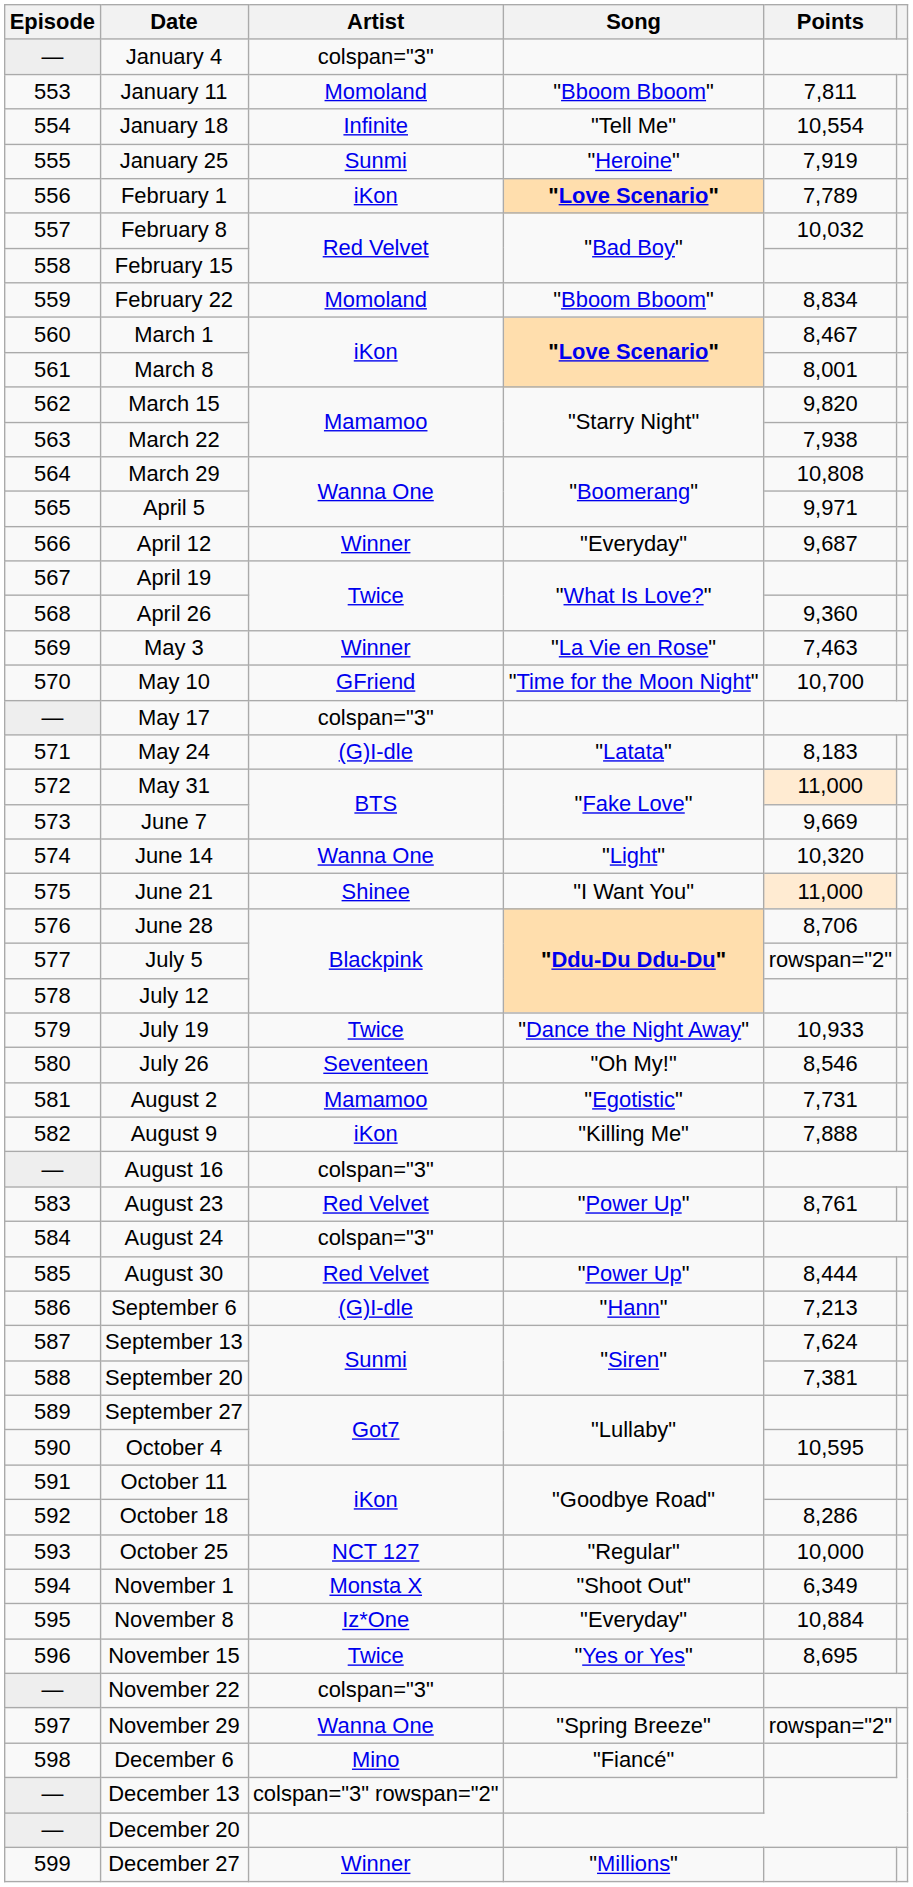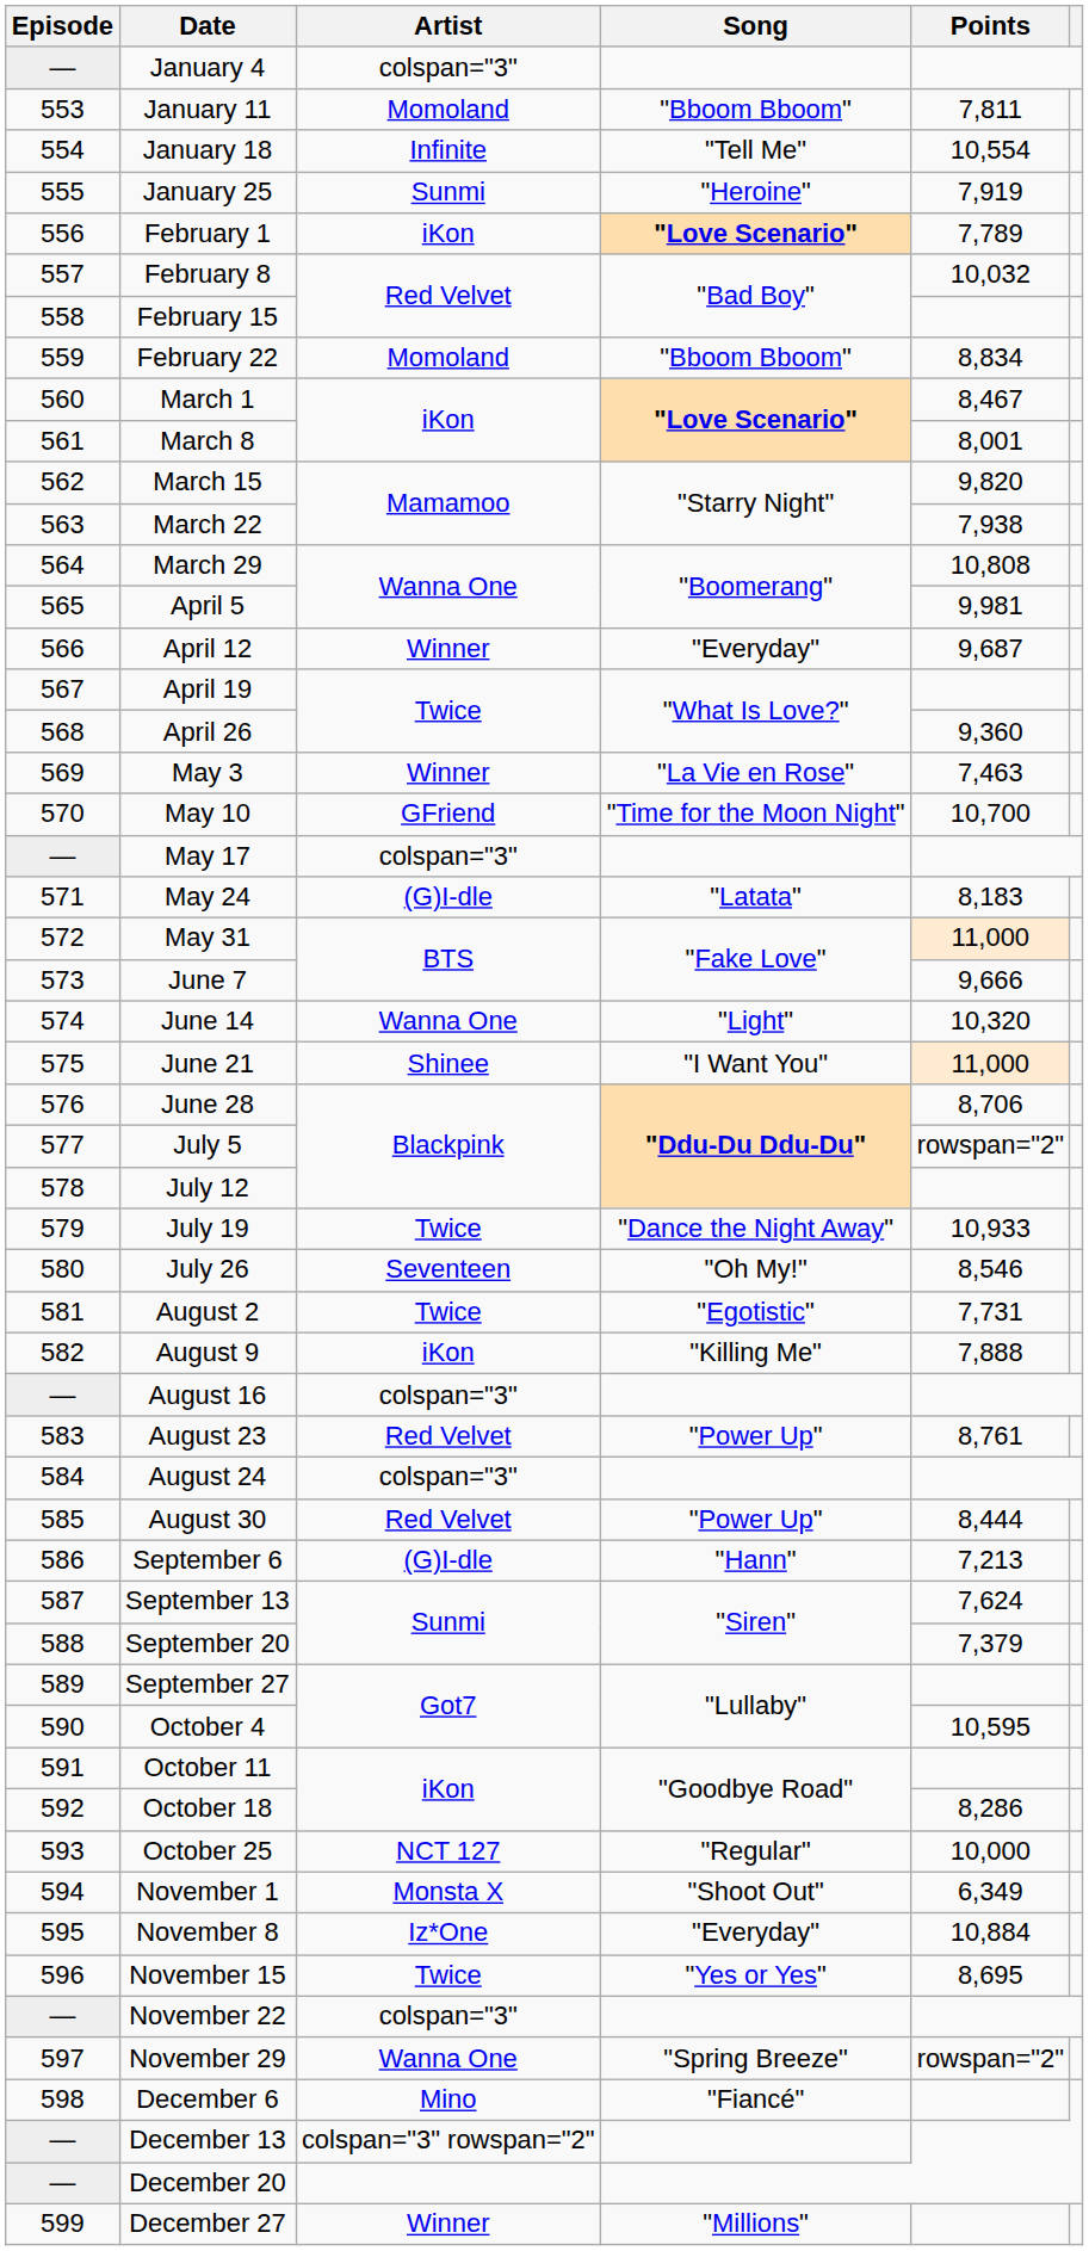 <table class="wikitable sortable" style=text-align:center>
 <tr>
 <th>Episode</th>
 <th>Date</th>
 <th>Artist</th>
 <th>Song</th>
 <th>Points</th>
 <th class="unsortable"></th>
 </tr>
 <tr>
 <td align="center" style="background:#eee">—</td>
 <td>January 4</td>
 <td>colspan="3" </td>
 <td></td>
 </tr>
 <tr>
 <td>553</td>
 <td>January 11</td>
 <td><a href='#'>Momoland</a></td>
 <td>"<a href='#'>Bboom Bboom</a>"</td>
 <td>7,811</td>
 <td></td>
 </tr>
 <tr>
 <td>554</td>
 <td>January 18</td>
 <td><a href='#'>Infinite</a></td>
 <td>"Tell Me"</td>
 <td>10,554</td>
 <td></td>
 </tr>
 <tr>
 <td>555</td>
 <td>January 25</td>
 <td><a href='#'>Sunmi</a></td>
 <td>"<a href='#'>Heroine</a>"</td>
 <td>7,919</td>
 <td></td>
 </tr>
 <tr>
 <td>556</td>
 <td>February 1</td>
 <td><a href='#'>iKon</a></td>
 <td style="font-weight: bold; background: navajowhite;">"<a href='#'>Love Scenario</a>"</td>
 <td>7,789</td>
 <td></td>
 </tr>
 <tr>
 <td>557</td>
 <td>February 8</td>
 <td rowspan="2"><a href='#'>Red Velvet</a></td>
 <td rowspan="2">"<a href='#'>Bad Boy</a>"</td>
 <td>10,032</td>
 <td></td>
 </tr>
 <tr>
 <td>558</td>
 <td>February 15</td>
 <td></td>
 <td></td>
 </tr>
 <tr>
 <td>559</td>
 <td>February 22</td>
 <td><a href='#'>Momoland</a></td>
 <td>"<a href='#'>Bboom Bboom</a>"</td>
 <td>8,834</td>
 <td></td>
 </tr>
 <tr>
 <td>560</td>
 <td>March 1</td>
 <td rowspan="2"><a href='#'>iKon</a></td>
 <td rowspan="2" style="font-weight: bold; background: navajowhite;">"<a href='#'>Love Scenario</a>"</td>
 <td>8,467</td>
 <td></td>
 </tr>
 <tr>
 <td>561</td>
 <td>March 8</td>
 <td>8,001</td>
 <td></td>
 </tr>
 <tr>
 <td>562</td>
 <td>March 15</td>
 <td rowspan="2"><a href='#'>Mamamoo</a></td>
 <td rowspan="2">"Starry Night"</td>
 <td>9,820</td>
 <td></td>
 </tr>
 <tr>
 <td>563</td>
 <td>March 22</td>
 <td>7,938</td>
 <td></td>
 </tr>
 <tr>
 <td>564</td>
 <td>March 29</td>
 <td rowspan="2"><a href='#'>Wanna One</a></td>
 <td rowspan="2">"<a href='#'>Boomerang</a>"</td>
 <td>10,808</td>
 <td></td>
 </tr>
 <tr>
 <td>565</td>
 <td>April 5</td>
-<td>9,971</td>
+<td>9,981</td>
 <td></td>
 </tr>
 <tr>
 <td>566</td>
 <td>April 12</td>
 <td><a href='#'>Winner</a></td>
 <td>"Everyday"</td>
 <td>9,687</td>
 <td></td>
 </tr>
 <tr>
 <td>567</td>
 <td>April 19</td>
 <td rowspan="2"><a href='#'>Twice</a></td>
 <td rowspan="2">"<a href='#'>What Is Love?</a>"</td>
 <td></td>
 <td></td>
 </tr>
 <tr>
 <td>568</td>
 <td>April 26</td>
 <td>9,360</td>
 <td></td>
 </tr>
 <tr>
 <td>569</td>
 <td>May 3</td>
 <td><a href='#'>Winner</a></td>
 <td>"<a href='#'>La Vie en Rose</a>"</td>
 <td>7,463</td>
 <td></td>
 </tr>
 <tr>
 <td>570</td>
 <td>May 10</td>
 <td><a href='#'>GFriend</a></td>
 <td>"<a href='#'>Time for the Moon Night</a>"</td>
 <td>10,700</td>
 <td></td>
 </tr>
 <tr>
 <td style="background:#eee">—</td>
 <td>May 17</td>
 <td>colspan="3" </td>
 <td></td>
 </tr>
 <tr>
 <td>571</td>
 <td>May 24</td>
 <td><a href='#'>(G)I-dle</a></td>
 <td>"<a href='#'>Latata</a>"</td>
 <td>8,183</td>
 <td></td>
 </tr>
 <tr>
 <td>572</td>
 <td>May 31</td>
 <td rowspan="2"><a href='#'>BTS</a></td>
 <td rowspan="2">"<a href='#'>Fake Love</a>"</td>
 <td style="background: #ffebd2">11,000</td>
 <td></td>
 </tr>
 <tr>
 <td>573</td>
 <td>June 7</td>
-<td>9,669</td>
+<td>9,666</td>
 <td></td>
 </tr>
 <tr>
 <td>574</td>
 <td>June 14</td>
 <td><a href='#'>Wanna One</a></td>
 <td>"<a href='#'>Light</a>"</td>
 <td>10,320</td>
 <td></td>
 </tr>
 <tr>
 <td>575</td>
 <td>June 21</td>
 <td><a href='#'>Shinee</a></td>
 <td>"I Want You"</td>
 <td style="background: #ffebd2">11,000</td>
 <td></td>
 </tr>
 <tr>
 <td>576</td>
 <td>June 28</td>
 <td rowspan="3"><a href='#'>Blackpink</a></td>
 <td rowspan="3" style="font-weight: bold; background: navajowhite;">"<a href='#'>Ddu-Du Ddu-Du</a>"</td>
 <td>8,706</td>
 <td></td>
 </tr>
 <tr>
 <td>577</td>
 <td>July 5</td>
 <td>rowspan="2" </td>
 <td></td>
 </tr>
 <tr>
 <td>578</td>
 <td>July 12</td>
 <td></td>
 </tr>
 <tr>
 <td>579</td>
 <td>July 19</td>
 <td><a href='#'>Twice</a></td>
 <td>"<a href='#'>Dance the Night Away</a>"</td>
 <td>10,933</td>
 <td></td>
 </tr>
 <tr>
 <td>580</td>
 <td>July 26</td>
 <td><a href='#'>Seventeen</a></td>
 <td>"Oh My!"</td>
 <td>8,546</td>
 <td></td>
 </tr>
 <tr>
 <td>581</td>
 <td>August 2</td>
-<td><a href='#'>Mamamoo</a></td>
+<td><a href='#'>Twice</a></td>
 <td>"<a href='#'>Egotistic</a>"</td>
 <td>7,731</td>
 <td></td>
 </tr>
 <tr>
 <td>582</td>
 <td>August 9</td>
 <td><a href='#'>iKon</a></td>
 <td>"Killing Me"</td>
 <td>7,888</td>
 <td></td>
 </tr>
 <tr>
 <td style="background:#eee;">—</td>
 <td>August 16</td>
 <td>colspan="3" </td>
 <td></td>
 </tr>
 <tr>
 <td>583</td>
 <td>August 23</td>
 <td><a href='#'>Red Velvet</a></td>
 <td>"<a href='#'>Power Up</a>"</td>
 <td>8,761</td>
 <td></td>
 </tr>
 <tr>
 <td>584</td>
 <td>August 24</td>
 <td>colspan="3" </td>
 <td></td>
 </tr>
 <tr>
 <td>585</td>
 <td>August 30</td>
 <td><a href='#'>Red Velvet</a></td>
 <td>"<a href='#'>Power Up</a>"</td>
 <td>8,444</td>
 <td></td>
 </tr>
 <tr>
 <td>586</td>
 <td>September 6</td>
 <td><a href='#'>(G)I-dle</a></td>
 <td>"<a href='#'>Hann</a>"</td>
 <td>7,213</td>
 <td></td>
 </tr>
 <tr>
 <td>587</td>
 <td>September 13</td>
 <td rowspan="2"><a href='#'>Sunmi</a></td>
 <td rowspan="2">"<a href='#'>Siren</a>"</td>
 <td>7,624</td>
 <td></td>
 </tr>
 <tr>
 <td>588</td>
 <td>September 20</td>
-<td>7,381</td>
+<td>7,379</td>
 <td></td>
 </tr>
 <tr>
 <td>589</td>
 <td>September 27</td>
 <td rowspan="2"><a href='#'>Got7</a></td>
 <td rowspan="2">"Lullaby"</td>
 <td></td>
 <td></td>
 </tr>
 <tr>
 <td>590</td>
 <td>October 4</td>
 <td>10,595</td>
 <td></td>
 </tr>
 <tr>
 <td>591</td>
 <td>October 11</td>
 <td rowspan="2"><a href='#'>iKon</a></td>
 <td rowspan="2">"Goodbye Road"</td>
 <td></td>
 <td></td>
 </tr>
 <tr>
 <td>592</td>
 <td>October 18</td>
 <td>8,286</td>
 <td></td>
 </tr>
 <tr>
 <td>593</td>
 <td>October 25</td>
 <td><a href='#'>NCT 127</a></td>
 <td>"Regular"</td>
 <td>10,000</td>
 <td></td>
 </tr>
 <tr>
 <td>594</td>
 <td>November 1</td>
 <td><a href='#'>Monsta X</a></td>
 <td>"Shoot Out"</td>
 <td>6,349</td>
 <td></td>
 </tr>
 <tr>
 <td>595</td>
 <td>November 8</td>
 <td><a href='#'>Iz*One</a></td>
 <td>"Everyday"</td>
 <td>10,884</td>
 <td></td>
 </tr>
 <tr>
 <td>596</td>
 <td>November 15</td>
 <td><a href='#'>Twice</a></td>
 <td>"<a href='#'>Yes or Yes</a>"</td>
 <td>8,695</td>
 <td></td>
 </tr>
 <tr>
 <td style="background:#eee;">—</td>
 <td>November 22</td>
 <td>colspan="3" </td>
 <td></td>
 </tr>
 <tr>
 <td>597</td>
 <td>November 29</td>
 <td><a href='#'>Wanna One</a></td>
 <td>"Spring Breeze"</td>
 <td>rowspan="2" </td>
 <td></td>
 </tr>
 <tr>
 <td>598</td>
 <td>December 6</td>
 <td><a href='#'>Mino</a></td>
 <td>"Fiancé"</td>
 <td></td>
 </tr>
 <tr>
 <td style="background:#eee;">—</td>
 <td>December 13</td>
 <td>colspan="3" rowspan="2" </td>
 <td></td>
 </tr>
 <tr>
 <td style="background:#eee;">—</td>
 <td>December 20</td>
 <td></td>
 </tr>
 <tr>
 <td>599</td>
 <td>December 27</td>
 <td><a href='#'>Winner</a></td>
 <td>"<a href='#'>Millions</a>"</td>
 <td></td>
 <td></td>
 </tr>
 </table>
